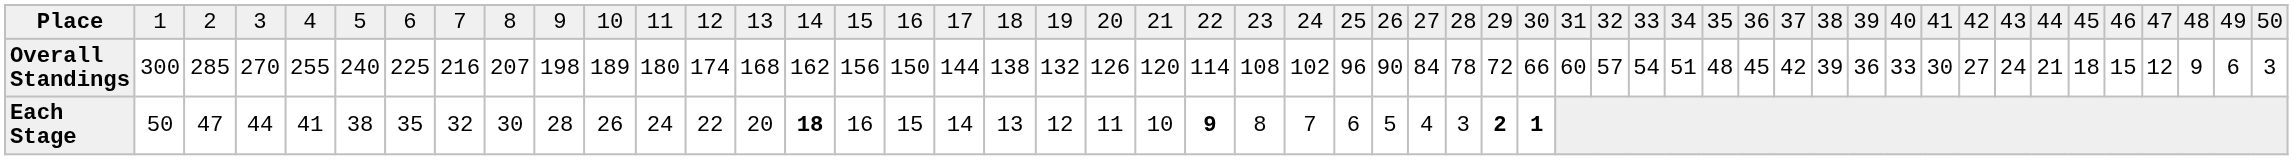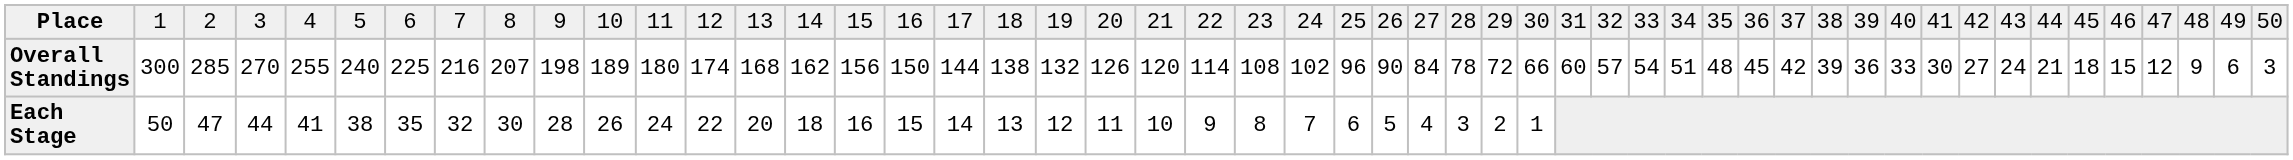 <table border="1" cellpadding="2" cellspacing="0" style="border:1px solid #C0C0C0; border-collapse:collapse; font-size:86%; margin-top:1em; text-align:center" width="800">
 <tr bgcolor="#F0F0F0">
 <td width=150><strong>Place</strong></td>
 <td width=50>1</td>
 <td width=50>2</td>
 <td width=50>3</td>
 <td width=50>4</td>
 <td width=50>5</td>
 <td width=50>6</td>
 <td width=50>7</td>
 <td width=50>8</td>
 <td width=50>9</td>
 <td width=50>10</td>
 <td width=50>11</td>
 <td width=50>12</td>
 <td width=50>13</td>
 <td width=50>14</td>
 <td width=50>15</td>
 <td width=50>16</td>
 <td width=50>17</td>
 <td width=50>18</td>
 <td width=50>19</td>
 <td width=50>20</td>
 <td width=50>21</td>
 <td width=50>22</td>
 <td width=50>23</td>
 <td width=50>24</td>
 <td width=50>25</td>
 <td width=50>26</td>
 <td width=50>27</td>
 <td width=50>28</td>
 <td width=50>29</td>
 <td width=50>30</td>
 <td width=50>31</td>
 <td width=50>32</td>
 <td width=50>33</td>
 <td width=50>34</td>
 <td width=50>35</td>
 <td width=50>36</td>
 <td width=50>37</td>
 <td width=50>38</td>
 <td width=50>39</td>
 <td width=50>40</td>
 <td width=50>41</td>
 <td width=50>42</td>
 <td width=50>43</td>
 <td width=50>44</td>
 <td width=50>45</td>
 <td width=50>46</td>
 <td width=50>47</td>
 <td width=50>48</td>
 <td width=50>49</td>
 <td width=50>50</td>
 </tr>
 <tr>
 <td bgcolor="#F0F0F0" align=left><strong>Overall Standings</strong></td>
 <td>300</td>
 <td>285</td>
 <td>270</td>
 <td>255</td>
 <td>240</td>
 <td>225</td>
 <td>216</td>
 <td>207</td>
 <td>198</td>
 <td>189</td>
 <td>180</td>
 <td>174</td>
 <td>168</td>
 <td>162</td>
 <td>156</td>
 <td>150</td>
 <td>144</td>
 <td>138</td>
 <td>132</td>
 <td>126</td>
 <td>120</td>
 <td>114</td>
 <td>108</td>
 <td>102</td>
 <td>96</td>
 <td>90</td>
 <td>84</td>
 <td>78</td>
 <td>72</td>
 <td>66</td>
 <td>60</td>
 <td>57</td>
 <td>54</td>
 <td>51</td>
 <td>48</td>
 <td>45</td>
 <td>42</td>
 <td>39</td>
 <td>36</td>
 <td>33</td>
 <td>30</td>
 <td>27</td>
 <td>24</td>
 <td>21</td>
 <td>18</td>
 <td>15</td>
 <td>12</td>
 <td>9</td>
 <td>6</td>
 <td>3</td>
 </tr>
 <tr>
 <td bgcolor="#F0F0F0" align=left><strong>Each Stage</strong></td>
 <td>50</td>
 <td>47</td>
 <td>44</td>
 <td>41</td>
 <td>38</td>
 <td>35</td>
 <td>32</td>
 <td>30</td>
 <td>28</td>
 <td>26</td>
 <td>24</td>
 <td>22</td>
 <td>20</td>
-<td><strong>18</strong></td>
+<td>18</td>
 <td>16</td>
 <td>15</td>
 <td>14</td>
 <td>13</td>
 <td>12</td>
 <td>11</td>
 <td>10</td>
-<td><strong>9</strong></td>
+<td>9</td>
 <td>8</td>
 <td>7</td>
 <td>6</td>
 <td>5</td>
 <td>4</td>
 <td>3</td>
-<td><strong>2</strong></td>
-<td><strong>1</strong></td>
+<td>2</td>
+<td>1</td>
 <td colspan=20 style=background:#efefef;></td>
 </tr>
 </table>
